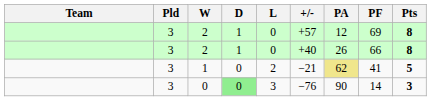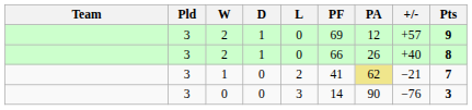 <table class="wikitable" style="text-align: center;">
 <tr>
 <th width="200">Team</th>
 <th width="40">Pld</th>
 <th width="40">W</th>
 <th width="40">D</th>
 <th width="40">L</th>
+<th width="40">PF</th>
+<th width="40">PA</th>
 <th width="40">+/-</th>
-<th width="40">PA</th>
-<th width="40">PF</th>
 <th width="40">Pts</th>
 </tr>
 <tr style="background-color:#ccffcc">
 <td style="text-align:left;"></td>
 <td>3</td>
 <td>2</td>
 <td>1</td>
 <td>0</td>
+<td>69</td>
+<td>12</td>
 <td>+57</td>
-<td>12</td>
-<td>69</td>
-<td><strong>8</strong></td>
+<td><strong>9</strong></td>
 </tr>
 <tr style="background-color:#ccffcc">
 <td style="text-align:left;"></td>
 <td>3</td>
 <td>2</td>
 <td>1</td>
 <td>0</td>
+<td>66</td>
+<td>26</td>
 <td>+40</td>
-<td>26</td>
-<td>66</td>
 <td><strong>8</strong></td>
 </tr>
 <tr>
 <td style="text-align:left;"></td>
 <td>3</td>
 <td>1</td>
 <td>0</td>
 <td>2</td>
+<td>41</td>
+<td style="background: khaki;">62</td>
 <td>−21</td>
-<td style="background: khaki;">62</td>
-<td>41</td>
-<td><strong>5</strong></td>
+<td><strong>7</strong></td>
 </tr>
 <tr>
 <td style="text-align:left;"></td>
 <td>3</td>
 <td>0</td>
-<td style="background: lightgreen;">0</td>
+<td>0</td>
 <td>3</td>
+<td>14</td>
+<td>90</td>
 <td>−76</td>
-<td>90</td>
-<td>14</td>
 <td><strong>3</strong></td>
 </tr>
 </table>
